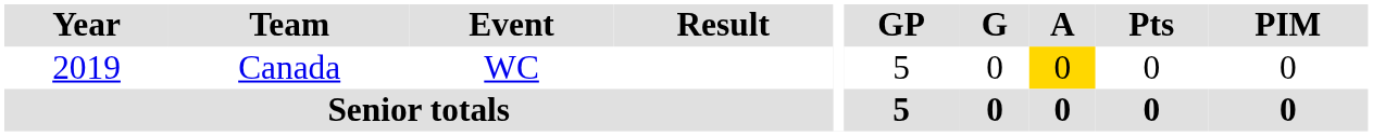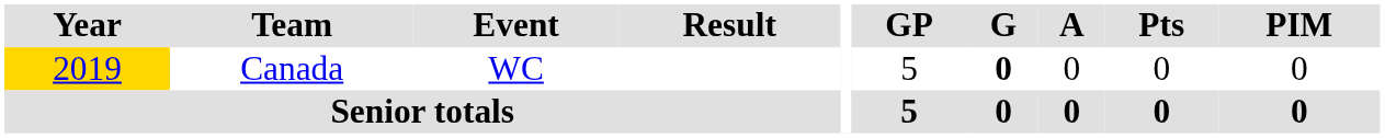 <table border="0" cellpadding="1" cellspacing="0" ID="Table3" style="text-align:center; width:40em">
 <tr bgcolor="#e0e0e0">
 <th>Year</th>
 <th>Team</th>
 <th>Event</th>
 <th>Result</th>
 <th rowspan="100" bgcolor="#ffffff"></th>
 <th>GP</th>
 <th>G</th>
 <th>A</th>
 <th>Pts</th>
 <th>PIM</th>
 </tr>
 <tr>
-<td><a href='#'>2019</a></td>
+<td style="background: gold;"><a href='#'>2019</a></td>
 <td><a href='#'>Canada</a></td>
 <td><a href='#'>WC</a></td>
 <td></td>
 <td>5</td>
+<td><strong>0</strong></td>
 <td>0</td>
-<td style="background: gold;">0</td>
 <td>0</td>
 <td>0</td>
 </tr>
 <tr bgcolor="#e0e0e0">
 <th colspan="4">Senior totals</th>
 <th>5</th>
 <th>0</th>
 <th>0</th>
 <th>0</th>
 <th>0</th>
 </tr>
 </table>
